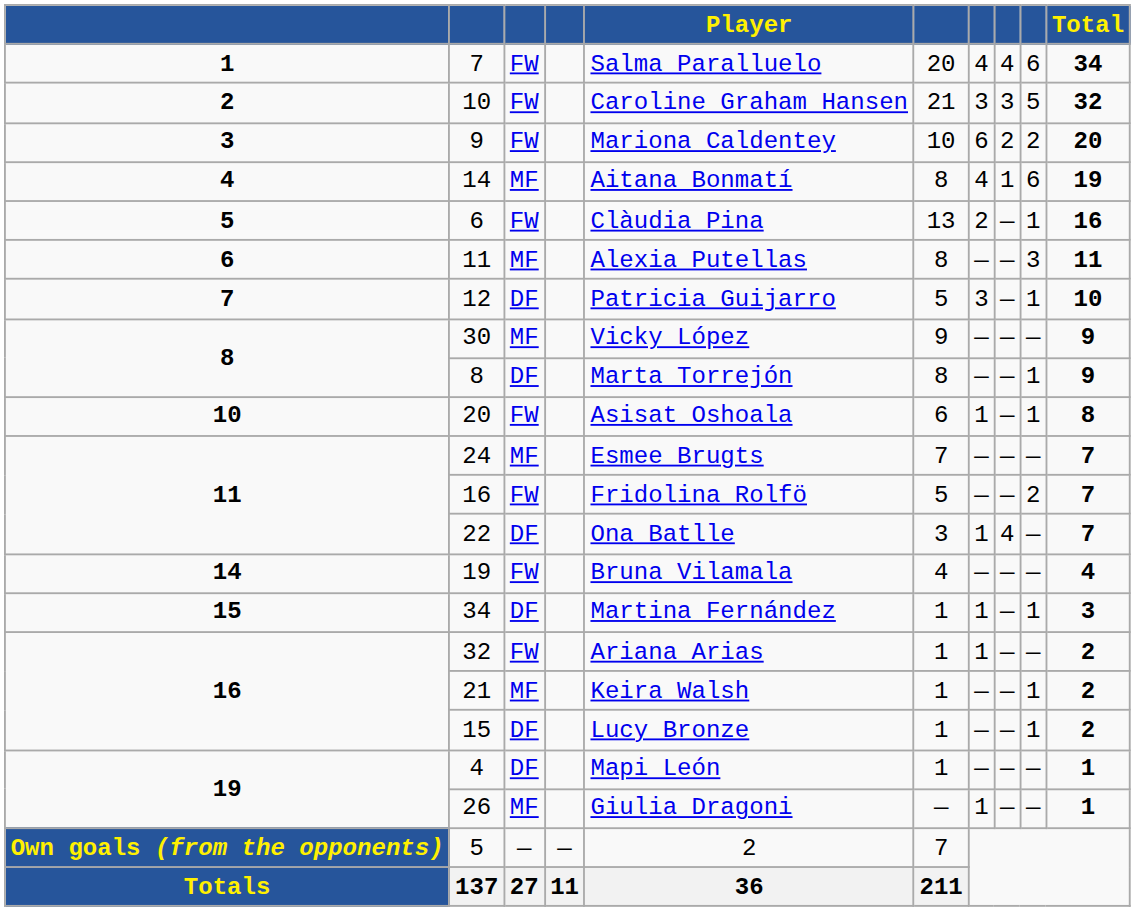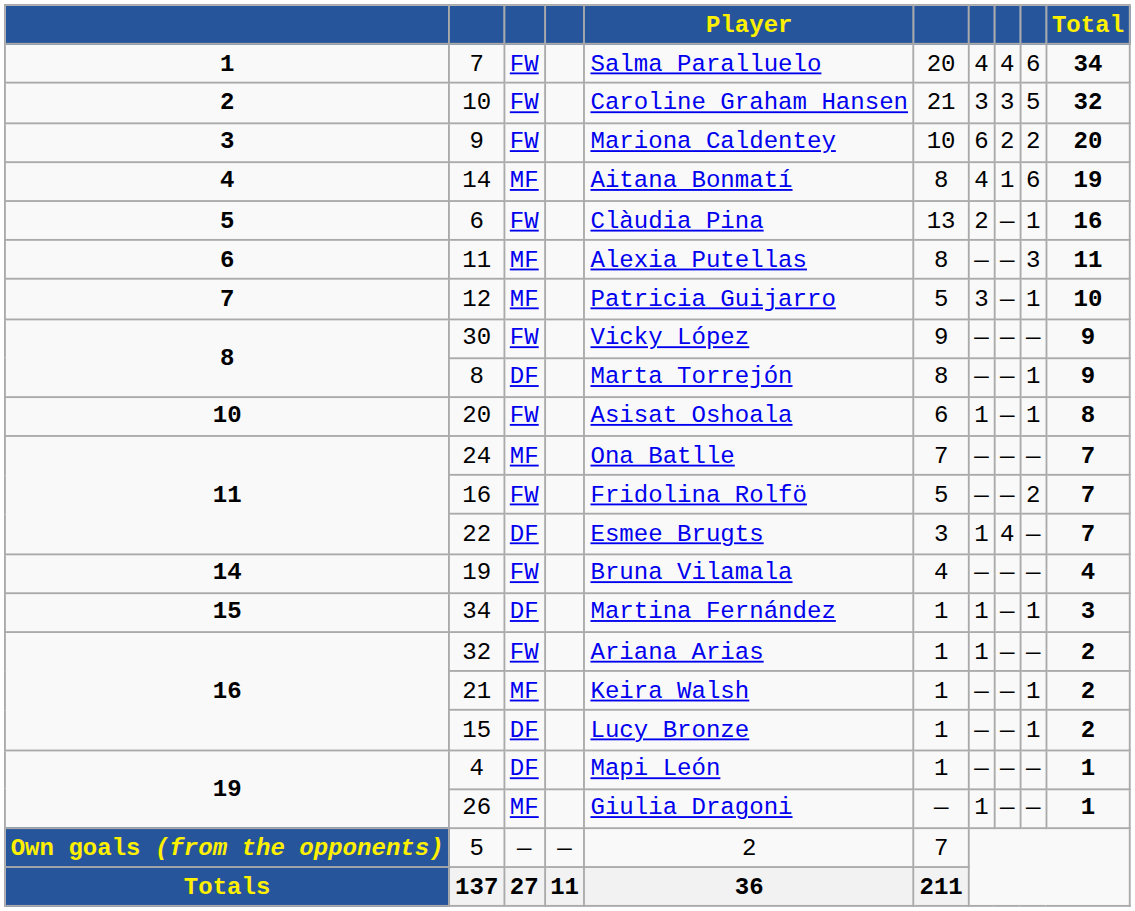 <table class="wikitable" style="text-align:center;">
 <tr>
 <th style="background:#26559B; color:#FFF000; "></th>
 <th style="background:#26559B; color:#FFF000; "></th>
 <th style="background:#26559B; color:#FFF000; "></th>
 <th style="background:#26559B; color:#FFF000; "></th>
 <th style="background:#26559B; color:#FFF000; ">Player</th>
 <th style="background:#26559B; color:#FFF000; "></th>
 <th style="background:#26559B; color:#FFF000; "></th>
 <th style="background:#26559B; color:#FFF000; "></th>
 <th style="background:#26559B; color:#FFF000; "></th>
 <th style="background:#26559B; color:#FFF000; ">Total</th>
 </tr>
 <tr>
 <td><strong>1</strong></td>
 <td>7</td>
 <td><a href='#'>FW</a></td>
 <td></td>
 <td align="left"><a href='#'>Salma Paralluelo</a></td>
 <td>20</td>
 <td>4</td>
 <td>4</td>
 <td>6</td>
 <td><strong>34</strong></td>
 </tr>
 <tr>
 <td><strong>2</strong></td>
 <td>10</td>
 <td><a href='#'>FW</a></td>
 <td></td>
 <td align="left"><a href='#'>Caroline Graham Hansen</a></td>
 <td>21</td>
 <td>3</td>
 <td>3</td>
 <td>5</td>
 <td><strong>32</strong></td>
 </tr>
 <tr>
 <td><strong>3</strong></td>
 <td>9</td>
 <td><a href='#'>FW</a></td>
 <td></td>
 <td align="left"><a href='#'>Mariona Caldentey</a></td>
 <td>10</td>
 <td>6</td>
 <td>2</td>
 <td>2</td>
 <td><strong>20</strong></td>
 </tr>
 <tr>
 <td><strong>4</strong></td>
 <td>14</td>
 <td><a href='#'>MF</a></td>
 <td></td>
 <td align="left"><a href='#'>Aitana Bonmatí</a></td>
 <td>8</td>
 <td>4</td>
 <td>1</td>
 <td>6</td>
 <td><strong>19</strong></td>
 </tr>
 <tr>
 <td><strong>5</strong></td>
 <td>6</td>
 <td><a href='#'>FW</a></td>
 <td></td>
 <td align="left"><a href='#'>Clàudia Pina</a></td>
 <td>13</td>
 <td>2</td>
 <td>—</td>
 <td>1</td>
 <td><strong>16</strong></td>
 </tr>
 <tr>
 <td><strong>6</strong></td>
 <td>11</td>
 <td><a href='#'>MF</a></td>
 <td></td>
 <td align="left"><a href='#'>Alexia Putellas</a></td>
 <td>8</td>
 <td>—</td>
 <td>—</td>
 <td>3</td>
 <td><strong>11</strong></td>
 </tr>
 <tr>
 <td><strong>7</strong></td>
 <td>12</td>
-<td><a href='#'>DF</a></td>
+<td><a href='#'>MF</a></td>
 <td></td>
 <td align="left"><a href='#'>Patricia Guijarro</a></td>
 <td>5</td>
 <td>3</td>
 <td>—</td>
 <td>1</td>
 <td><strong>10</strong></td>
 </tr>
 <tr>
 <td rowspan=2><strong>8</strong></td>
 <td>30</td>
-<td><a href='#'>MF</a></td>
+<td><a href='#'>FW</a></td>
 <td></td>
 <td align="left"><a href='#'>Vicky López</a></td>
 <td>9</td>
 <td>—</td>
 <td>—</td>
 <td>—</td>
 <td><strong>9</strong></td>
 </tr>
 <tr>
 <td>8</td>
 <td><a href='#'>DF</a></td>
 <td></td>
 <td align="left"><a href='#'>Marta Torrejón</a></td>
 <td>8</td>
 <td>—</td>
 <td>—</td>
 <td>1</td>
 <td><strong>9</strong></td>
 </tr>
 <tr>
 <td><strong>10</strong></td>
 <td>20</td>
 <td><a href='#'>FW</a></td>
 <td></td>
 <td align="left"><a href='#'>Asisat Oshoala</a></td>
 <td>6</td>
 <td>1</td>
 <td>—</td>
 <td>1</td>
 <td><strong>8</strong></td>
 </tr>
 <tr>
 <td rowspan=3><strong>11</strong></td>
 <td>24</td>
 <td><a href='#'>MF</a></td>
 <td></td>
-<td align="left"><a href='#'>Esmee Brugts</a></td>
+<td align="left"><a href='#'>Ona Batlle</a></td>
 <td>7</td>
 <td>—</td>
 <td>—</td>
 <td>—</td>
 <td><strong>7</strong></td>
 </tr>
 <tr>
 <td>16</td>
 <td><a href='#'>FW</a></td>
 <td></td>
 <td align="left"><a href='#'>Fridolina Rolfö</a></td>
 <td>5</td>
 <td>—</td>
 <td>—</td>
 <td>2</td>
 <td><strong>7</strong></td>
 </tr>
 <tr>
 <td>22</td>
 <td><a href='#'>DF</a></td>
 <td></td>
-<td align="left"><a href='#'>Ona Batlle</a></td>
+<td align="left"><a href='#'>Esmee Brugts</a></td>
 <td>3</td>
 <td>1</td>
 <td>4</td>
 <td>—</td>
 <td><strong>7</strong></td>
 </tr>
 <tr>
 <td><strong>14</strong></td>
 <td>19</td>
 <td><a href='#'>FW</a></td>
 <td></td>
 <td align="left"><a href='#'>Bruna Vilamala</a></td>
 <td>4</td>
 <td>—</td>
 <td>—</td>
 <td>—</td>
 <td><strong>4</strong></td>
 </tr>
 <tr>
 <td><strong>15</strong></td>
 <td>34</td>
 <td><a href='#'>DF</a></td>
 <td></td>
 <td align="left"><a href='#'>Martina Fernández</a></td>
 <td>1</td>
 <td>1</td>
 <td>—</td>
 <td>1</td>
 <td><strong>3</strong></td>
 </tr>
 <tr>
 <td rowspan=3><strong>16</strong></td>
 <td>32</td>
 <td><a href='#'>FW</a></td>
 <td></td>
 <td align="left"><a href='#'>Ariana Arias</a></td>
 <td>1</td>
 <td>1</td>
 <td>—</td>
 <td>—</td>
 <td><strong>2</strong></td>
 </tr>
 <tr>
 <td>21</td>
 <td><a href='#'>MF</a></td>
 <td></td>
 <td align="left"><a href='#'>Keira Walsh</a></td>
 <td>1</td>
 <td>—</td>
 <td>—</td>
 <td>1</td>
 <td><strong>2</strong></td>
 </tr>
 <tr>
 <td>15</td>
 <td><a href='#'>DF</a></td>
 <td></td>
 <td align="left"><a href='#'>Lucy Bronze</a></td>
 <td>1</td>
 <td>—</td>
 <td>—</td>
 <td>1</td>
 <td><strong>2</strong></td>
 </tr>
 <tr>
 <td rowspan=2><strong>19</strong></td>
 <td>4</td>
 <td><a href='#'>DF</a></td>
 <td></td>
 <td align="left"><a href='#'>Mapi León</a></td>
 <td>1</td>
 <td>—</td>
 <td>—</td>
 <td>—</td>
 <td><strong>1</strong></td>
 </tr>
 <tr>
 <td>26</td>
 <td><a href='#'>MF</a></td>
 <td></td>
 <td align="left"><a href='#'>Giulia Dragoni</a></td>
 <td>—</td>
 <td>1</td>
 <td>—</td>
 <td>—</td>
 <td><strong>1</strong></td>
 </tr>
 <tr>
 <td style="background:#26559B; color:#FFF000; "><strong>Own goals <em>(from the opponents)<strong><em></td>
 <td>5</td>
 <td>—</td>
 <td>—</td>
 <td>2</td>
 <td></strong>7<strong></td>
 </tr>
 <tr>
 <th style="background:#26559B; color:#FFF000; "></strong>Totals<strong></th>
 <th></strong>137<strong></th>
 <th></strong>27<strong></th>
 <th></strong>11<strong></th>
 <th></strong>36<strong></th>
 <th></strong>211<strong></th>
 </tr>
 </table>
